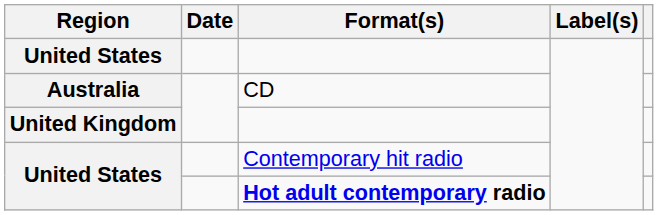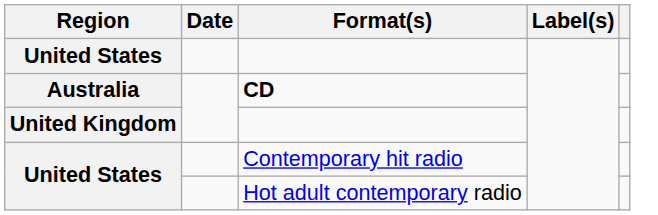 <table class="wikitable plainrowheaders">
 <tr>
 <th scope="col">Region</th>
 <th scope="col">Date</th>
 <th scope="col">Format(s)</th>
 <th scope="col">Label(s)</th>
 <th scope="col"></th>
 </tr>
 <tr>
 <th scope="row">United States</th>
 <td></td>
 <td></td>
 <td rowspan="5"></td>
 <td></td>
 </tr>
 <tr>
 <th scope="row">Australia</th>
 <td rowspan="2"></td>
-<td>CD</td>
+<td><strong>CD</strong></td>
 <td></td>
 </tr>
 <tr>
 <th scope="row">United Kingdom</th>
 <td></td>
 <td></td>
 </tr>
 <tr>
 <th scope="row" rowspan="2">United States</th>
 <td></td>
 <td><a href='#'>Contemporary hit radio</a></td>
 <td></td>
 </tr>
 <tr>
 <td></td>
-<td><strong><a href='#'>Hot adult contemporary</a> radio</strong></td>
+<td><a href='#'>Hot adult contemporary</a> radio</td>
 <td></td>
 </tr>
 </table>
